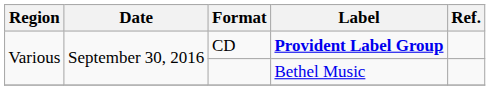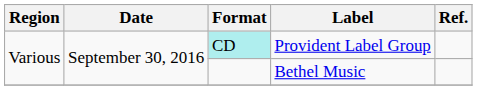 <table class="wikitable plainrowheaders">
 <tr>
 <th scope="col">Region</th>
 <th scope="col">Date</th>
 <th scope="col">Format</th>
 <th scope="col">Label</th>
 <th scope="col">Ref.</th>
 </tr>
 <tr>
 <td rowspan="2">Various</td>
 <td rowspan="2">September 30, 2016</td>
-<td>CD</td>
-<td><strong><a href='#'>Provident Label Group</a></strong></td>
+<td style="background: paleturquoise;">CD</td>
+<td><a href='#'>Provident Label Group</a></td>
 <td></td>
 </tr>
 <tr>
 <td></td>
 <td><a href='#'>Bethel Music</a></td>
 <td></td>
 </tr>
 <tr>
 </tr>
 </table>
